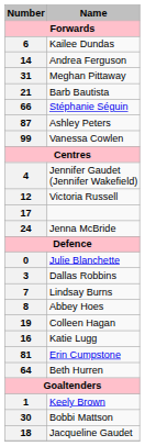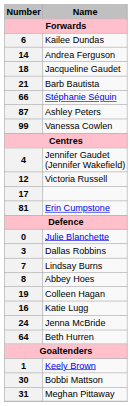 <table class="wikitable" style="text-align:left; font-size:90%;">
 <tr>
 <th width=10 style="background:silver;">Number</th>
 <th style="background:silver;">Name</th>
 </tr>
 <tr>
 <th style=background:pink colspan=2>Forwards</th>
 </tr>
 <tr>
 <th>6</th>
 <td>Kailee Dundas</td>
 </tr>
 <tr>
 <th>14</th>
 <td>Andrea Ferguson</td>
 </tr>
 <tr>
-<th>31</th>
-<td>Meghan Pittaway</td>
+<th>18</th>
+<td>Jacqueline Gaudet</td>
 </tr>
 <tr>
 <th>21</th>
 <td>Barb Bautista</td>
 </tr>
 <tr>
 <th>66</th>
 <td><a href='#'>Stéphanie Séguin</a></td>
 </tr>
 <tr>
 <th>87</th>
 <td>Ashley Peters</td>
 </tr>
 <tr>
 <th>99</th>
 <td>Vanessa Cowlen</td>
 </tr>
 <tr>
 <th style=background:pink colspan=2>Centres</th>
 </tr>
 <tr>
 <th>4</th>
 <td>Jennifer Gaudet<br>(Jennifer Wakefield)</td>
 </tr>
 <tr>
 <th>12</th>
 <td>Victoria Russell</td>
 </tr>
 <tr>
 <th>17</th>
 <td></td>
 </tr>
 <tr>
-<th>24</th>
-<td>Jenna McBride</td>
+<th>81</th>
+<td><a href='#'>Erin Cumpstone</a></td>
 </tr>
 <tr>
 <th style=background:pink colspan=2>Defence</th>
 </tr>
 <tr>
 <th>0</th>
 <td><a href='#'>Julie Blanchette</a></td>
 </tr>
 <tr>
 <th>3</th>
 <td>Dallas Robbins</td>
 </tr>
 <tr>
 <th>7</th>
 <td>Lindsay Burns</td>
 </tr>
 <tr>
 <th>8</th>
 <td>Abbey Hoes</td>
 </tr>
 <tr>
 <th>19</th>
 <td>Colleen Hagan</td>
 </tr>
 <tr>
 <th>16</th>
 <td>Katie Lugg</td>
 </tr>
 <tr>
-<th>81</th>
-<td><a href='#'>Erin Cumpstone</a></td>
+<th>24</th>
+<td>Jenna McBride</td>
 </tr>
 <tr>
 <th>64</th>
 <td>Beth Hurren</td>
 </tr>
 <tr>
 <th style=background:pink colspan=2>Goaltenders</th>
 </tr>
 <tr>
 <th>1</th>
 <td><a href='#'>Keely Brown</a></td>
 </tr>
 <tr>
 <th>30</th>
 <td>Bobbi Mattson</td>
 </tr>
 <tr>
-<th>18</th>
-<td>Jacqueline Gaudet</td>
+<th>31</th>
+<td>Meghan Pittaway</td>
 </tr>
 <tr>
 </tr>
 </table>
